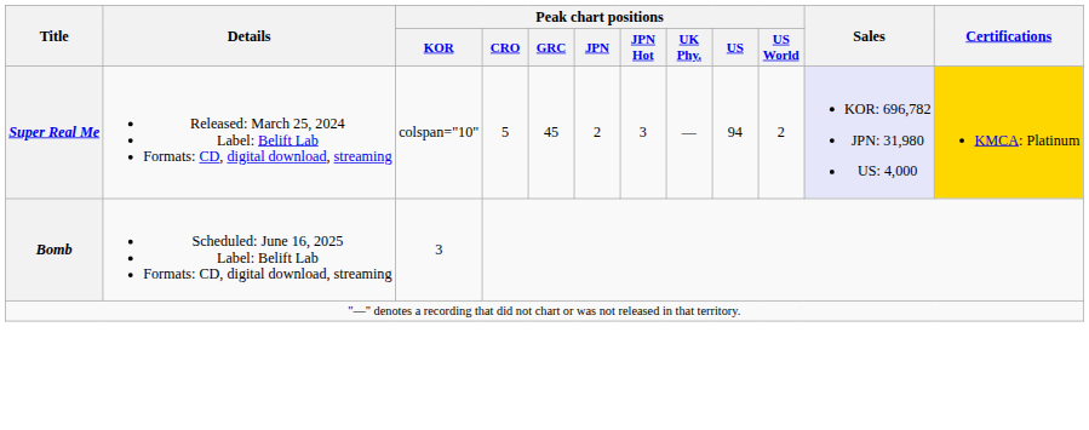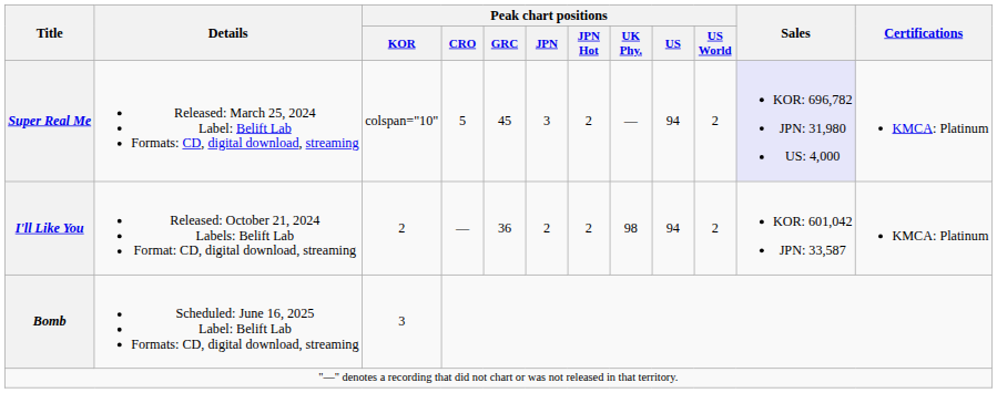 <table class="wikitable plainrowheaders" style="text-align:center">
 <tr>
 <th scope="col" rowspan="2">Title</th>
 <th scope="col" rowspan="2">Details</th>
 <th scope="col" colspan="8">Peak chart positions</th>
 <th scope="col" rowspan="2">Sales</th>
 <th scope="col" rowspan="2"><a href='#'>Certifications</a></th>
 </tr>
 <tr>
 <th scope="col" style="font-size:90%; width:3em"><a href='#'>KOR</a><br></th>
 <th scope="col" style="font-size:90%; width:3em"><a href='#'>CRO</a><br></th>
 <th scope="col" style="font-size:90%; width:3em"><a href='#'>GRC</a><br></th>
 <th scope="col" style="font-size:90%; width:3em"><a href='#'>JPN</a><br></th>
 <th scope="col" style="font-size:90%; width:3em"><a href='#'>JPN<br>Hot</a><br></th>
 <th scope="col" style="font-size:90%; width:3em"><a href='#'>UK<br>Phy.</a><br></th>
 <th scope="col" style="font-size:90%; width:3em"><a href='#'>US</a><br></th>
 <th scope="col" style="font-size:90%; width:3em"><a href='#'>US<br>World</a><br></th>
 </tr>
 <tr>
 <th scope="row"><em><a href='#'>Super Real Me</a></em></th>
 <td><br><ul><li>Released: March 25, 2024</li><li>Label: <a href='#'>Belift Lab</a></li><li>Formats: <a href='#'>CD</a>, <a href='#'>digital download</a>, <a href='#'>streaming</a></li></ul></td>
 <td>colspan="10" </td>
 <td>5</td>
 <td>45</td>
+<td>3</td>
 <td>2</td>
-<td>3</td>
 <td>—</td>
 <td>94</td>
 <td>2</td>
 <td style="background: lavender;"><br><ul><li>KOR: 696,782</li></ul><ul><li>JPN: 31,980</li></ul><ul><li>US: 4,000</li></ul></td>
-<td style="background: gold;"><br><ul><li><a href='#'>KMCA</a>: Platinum</li></ul></td>
+<td><br><ul><li><a href='#'>KMCA</a>: Platinum</li></ul></td>
+</tr>
+<tr>
+<th scope="row"><em><a href='#'>I'll Like You</a></em></th>
+<td><br><ul><li>Released: October 21, 2024</li><li>Labels: Belift Lab</li><li>Format: CD, digital download, streaming</li></ul></td>
+<td>2</td>
+<td>—</td>
+<td>36</td>
+<td>2</td>
+<td>2</td>
+<td>98</td>
+<td>94</td>
+<td>2</td>
+<td><br><ul><li>KOR: 601,042</li></ul><ul><li>JPN: 33,587</li></ul></td>
+<td><br><ul><li>KMCA: Platinum</li></ul></td>
 </tr>
 <tr>
 <th scope="row"><em>Bomb</em></th>
 <td><br><ul><li>Scheduled: June 16, 2025</li><li>Label: Belift Lab</li><li>Formats: CD, digital download, streaming</li></ul></td>
 <td>3</td>
 </tr>
 <tr>
 <td colspan="12" style="font-size:85%">"—" denotes a recording that did not chart or was not released in that territory.</td>
 </tr>
 </table>
